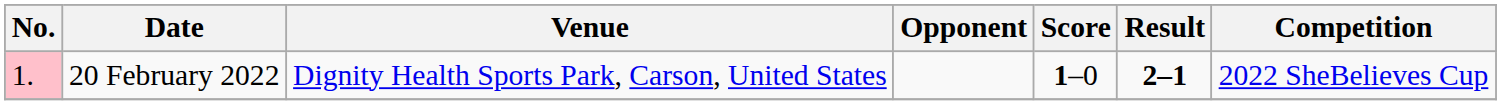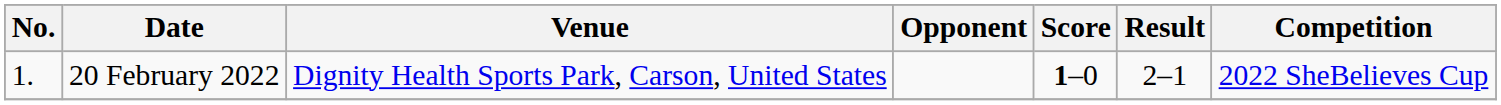 <table class="wikitable">
 <tr>
 <th>No.</th>
 <th>Date</th>
 <th>Venue</th>
 <th>Opponent</th>
 <th>Score</th>
 <th>Result</th>
 <th>Competition</th>
 </tr>
 <tr>
-<td style="background: pink;">1.</td>
+<td>1.</td>
 <td>20 February 2022</td>
 <td><a href='#'>Dignity Health Sports Park</a>, <a href='#'>Carson</a>, <a href='#'>United States</a></td>
 <td></td>
 <td align=center><strong>1</strong>–0</td>
-<td align=center><strong>2–1</strong></td>
+<td align=center>2–1</td>
 <td><a href='#'>2022 SheBelieves Cup</a></td>
 </tr>
 <tr>
 </tr>
 </table>
